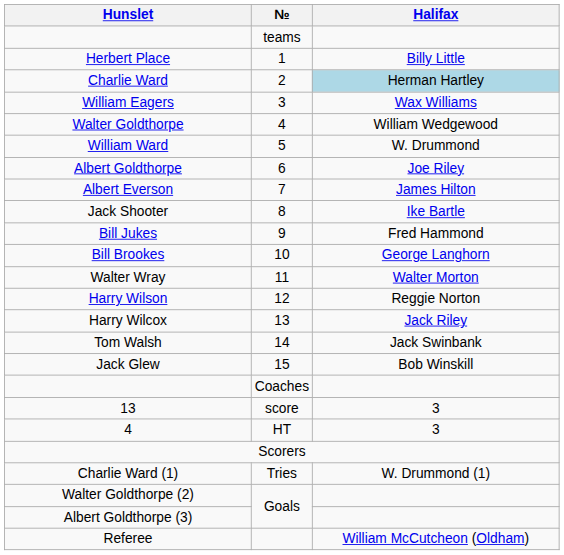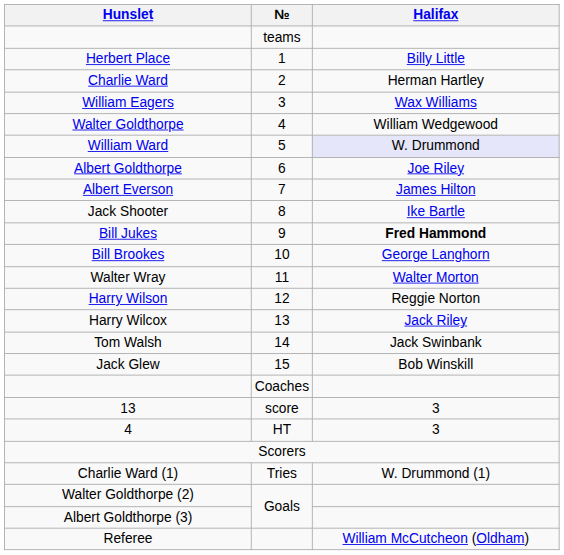 <table class="wikitable" style="text-align:center;">
 <tr>
 <th width=280 abbr=winner><a href='#'>Hunslet</a></th>
 <th width=60 abbr="Number">№</th>
 <th width=280 abbr=runner-up><a href='#'>Halifax</a></th>
 </tr>
 <tr>
 <td></td>
 <td>teams</td>
 <td></td>
 </tr>
 <tr>
 <td><a href='#'>Herbert Place</a></td>
 <td>1</td>
 <td><a href='#'>Billy Little</a></td>
 </tr>
 <tr>
 <td><a href='#'>Charlie Ward</a></td>
 <td>2</td>
-<td style="background: lightblue;">Herman Hartley</td>
+<td>Herman Hartley</td>
 </tr>
 <tr>
 <td><a href='#'>William Eagers</a></td>
 <td>3</td>
 <td><a href='#'>Wax Williams</a></td>
 </tr>
 <tr>
 <td><a href='#'>Walter Goldthorpe</a></td>
 <td>4</td>
 <td>William Wedgewood</td>
 </tr>
 <tr>
 <td><a href='#'>William Ward</a></td>
 <td>5</td>
-<td>W. Drummond</td>
+<td style="background: lavender;">W. Drummond</td>
 </tr>
 <tr>
 <td><a href='#'>Albert Goldthorpe</a></td>
 <td>6</td>
 <td><a href='#'>Joe Riley</a></td>
 </tr>
 <tr>
 <td><a href='#'>Albert Everson</a></td>
 <td>7</td>
 <td><a href='#'>James Hilton</a></td>
 </tr>
 <tr>
 <td>Jack Shooter</td>
 <td>8</td>
 <td><a href='#'>Ike Bartle</a></td>
 </tr>
 <tr>
 <td><a href='#'>Bill Jukes</a></td>
 <td>9</td>
-<td>Fred Hammond</td>
+<td><strong>Fred Hammond</strong></td>
 </tr>
 <tr>
 <td><a href='#'>Bill Brookes</a></td>
 <td>10</td>
 <td><a href='#'>George Langhorn</a></td>
 </tr>
 <tr>
 <td>Walter Wray</td>
 <td>11</td>
 <td><a href='#'>Walter Morton</a></td>
 </tr>
 <tr>
 <td><a href='#'>Harry Wilson</a></td>
 <td>12</td>
 <td>Reggie Norton</td>
 </tr>
 <tr>
 <td>Harry Wilcox</td>
 <td>13</td>
 <td><a href='#'>Jack Riley</a></td>
 </tr>
 <tr>
 <td>Tom Walsh</td>
 <td>14</td>
 <td>Jack Swinbank</td>
 </tr>
 <tr>
 <td>Jack Glew</td>
 <td>15</td>
 <td>Bob Winskill</td>
 </tr>
 <tr>
 <td></td>
 <td>Coaches</td>
 <td></td>
 </tr>
 <tr>
 <td>13</td>
 <td>score</td>
 <td>3</td>
 </tr>
 <tr>
 <td>4</td>
 <td>HT</td>
 <td>3</td>
 </tr>
 <tr>
 <td colspan=3>Scorers</td>
 </tr>
 <tr>
 <td>Charlie Ward (1)</td>
 <td>Tries</td>
 <td>W. Drummond (1)</td>
 </tr>
 <tr>
 <td>Walter Goldthorpe (2)</td>
 <td rowspan=2>Goals</td>
 <td></td>
 </tr>
 <tr>
 <td>Albert Goldthorpe (3)</td>
 </tr>
 <tr>
 <td>Referee</td>
 <td></td>
 <td><a href='#'>William McCutcheon</a> (<a href='#'>Oldham</a>)</td>
 </tr>
 </table>
